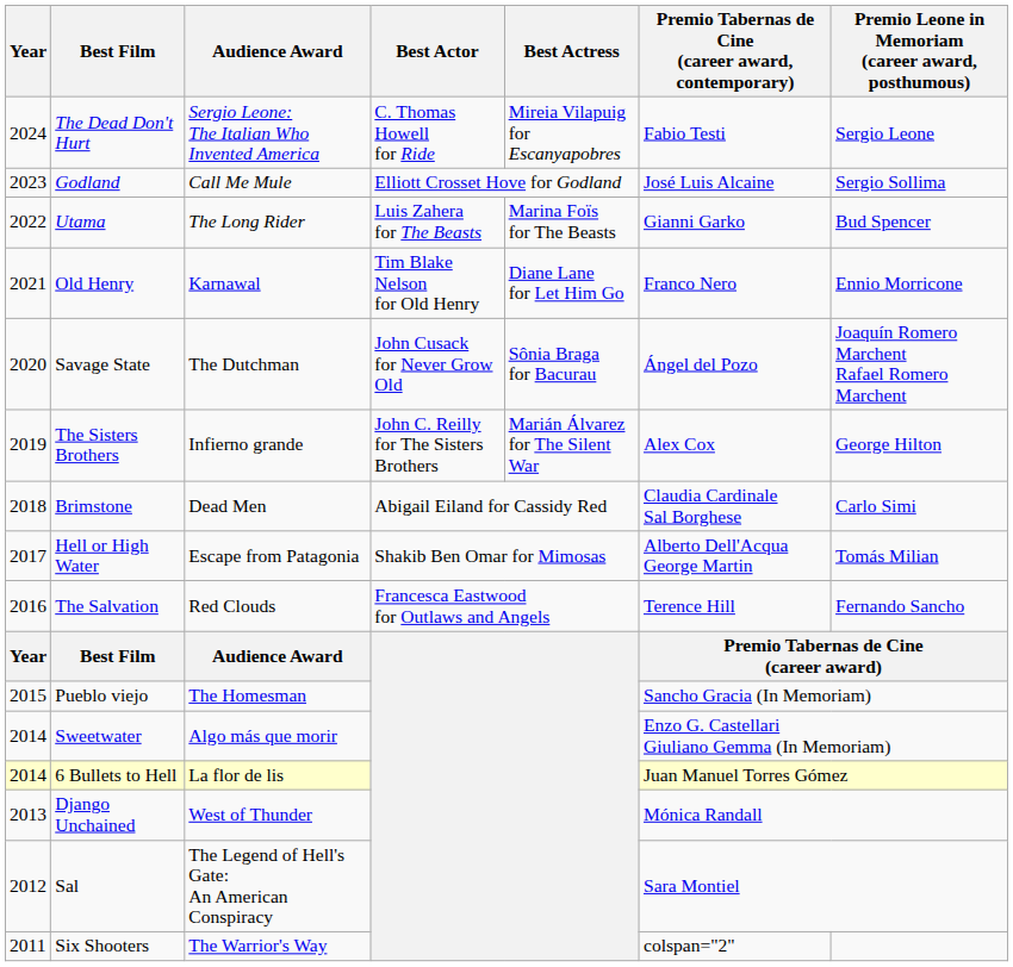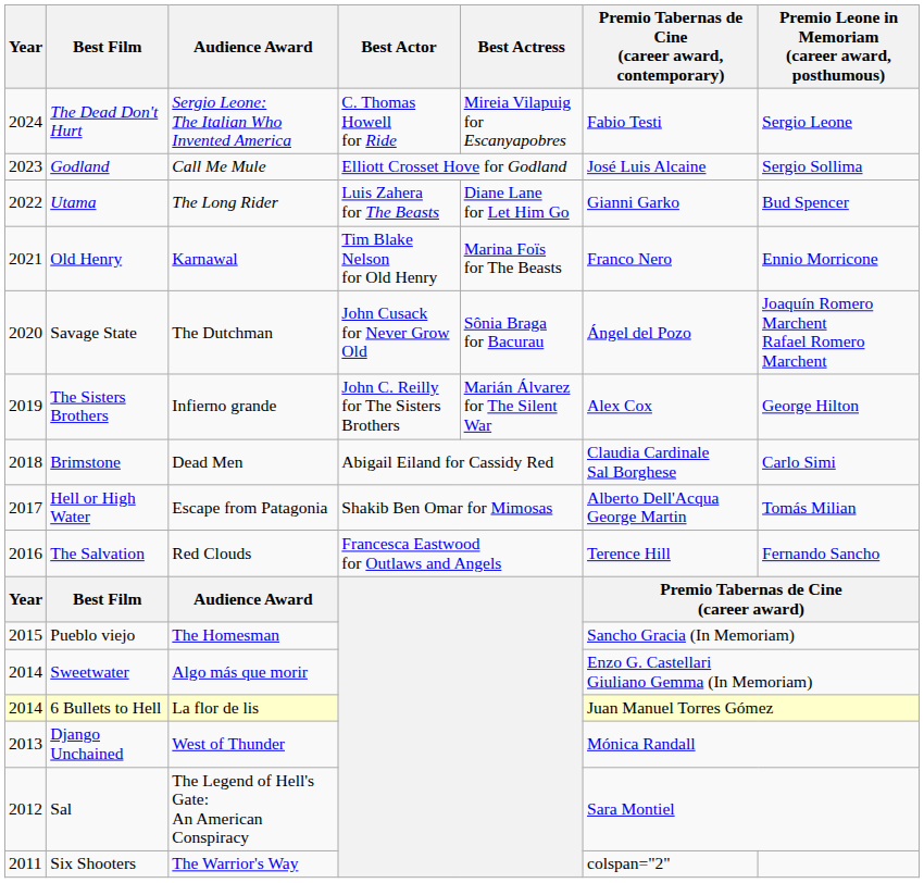 <table class="wikitable sortable">
 <tr>
 <th scope="col">Year</th>
 <th scope="col">Best Film</th>
 <th scope="col">Audience Award</th>
 <th scope="col">Best Actor</th>
 <th scope="col">Best Actress</th>
 <th scope="col">Premio Tabernas de Cine<br>(career award, contemporary)</th>
 <th scope="col">Premio Leone in Memoriam<br>(career award, posthumous)</th>
 </tr>
 <tr>
 <td>2024</td>
 <td><em><a href='#'>The Dead Don't Hurt</a></em></td>
 <td><em><a href='#'>Sergio Leone:<br>The Italian Who Invented America</a></em></td>
 <td><a href='#'>C. Thomas Howell</a><br>for <a href='#'><em>Ride</em></a></td>
 <td><a href='#'>Mireia Vilapuig</a><br>for <em>Escanyapobres</em></td>
 <td><a href='#'>Fabio Testi</a></td>
 <td><a href='#'>Sergio Leone</a></td>
 </tr>
 <tr>
 <td>2023</td>
 <td><em><a href='#'>Godland</a></em></td>
 <td><em>Call Me Mule</em></td>
 <td colspan="2"><a href='#'>Elliott Crosset Hove</a> for <em>Godland</em></td>
 <td><a href='#'>José Luis Alcaine</a></td>
 <td><a href='#'>Sergio Sollima</a></td>
 </tr>
 <tr>
 <td>2022</td>
 <td><em><a href='#'>Utama</a></em></td>
 <td><em>The Long Rider</em></td>
 <td><a href='#'>Luis Zahera</a><br>for <em><a href='#'>The Beasts</a></td>
-<td><a href='#'>Marina Foïs</a><br>for </em>The Beasts<em></td>
+<td><a href='#'>Diane Lane</a><br>for </em><a href='#'>Let Him Go</a><em></td>
 <td><a href='#'>Gianni Garko</a></td>
 <td><a href='#'>Bud Spencer</a></td>
 </tr>
 <tr>
 <td>2021</td>
 <td></em><a href='#'>Old Henry</a><em></td>
 <td></em><a href='#'>Karnawal</a><em></td>
 <td><a href='#'>Tim Blake Nelson</a><br>for </em>Old Henry<em></td>
-<td><a href='#'>Diane Lane</a><br>for </em><a href='#'>Let Him Go</a><em></td>
+<td><a href='#'>Marina Foïs</a><br>for </em>The Beasts<em></td>
 <td><a href='#'>Franco Nero</a></td>
 <td><a href='#'>Ennio Morricone</a></td>
 </tr>
 <tr>
 <td>2020</td>
 <td></em>Savage State<em></td>
 <td></em>The Dutchman<em></td>
 <td><a href='#'>John Cusack</a><br>for </em><a href='#'>Never Grow Old</a><em></td>
 <td><a href='#'>Sônia Braga</a><br>for </em><a href='#'>Bacurau</a><em></td>
 <td><a href='#'>Ángel del Pozo</a></td>
 <td><a href='#'>Joaquín Romero Marchent</a><br><a href='#'>Rafael Romero Marchent</a></td>
 </tr>
 <tr>
 <td>2019</td>
 <td></em><a href='#'>The Sisters Brothers</a><em></td>
 <td></em>Infierno grande<em></td>
 <td><a href='#'>John C. Reilly</a><br>for </em>The Sisters Brothers<em></td>
 <td><a href='#'>Marián Álvarez</a><br>for </em><a href='#'>The Silent War</a><em></td>
 <td><a href='#'>Alex Cox</a></td>
 <td><a href='#'>George Hilton</a></td>
 </tr>
 <tr>
 <td>2018</td>
 <td></em><a href='#'>Brimstone</a><em></td>
 <td></em>Dead Men<em></td>
 <td colspan="2">Abigail Eiland for </em>Cassidy Red<em></td>
 <td><a href='#'>Claudia Cardinale</a><br><a href='#'>Sal Borghese</a></td>
 <td><a href='#'>Carlo Simi</a></td>
 </tr>
 <tr>
 <td>2017</td>
 <td></em><a href='#'>Hell or High Water</a><em></td>
 <td></em>Escape from Patagonia<em></td>
 <td colspan="2">Shakib Ben Omar for </em><a href='#'>Mimosas</a><em></td>
 <td><a href='#'>Alberto Dell'Acqua</a><br><a href='#'>George Martin</a></td>
 <td><a href='#'>Tomás Milian</a></td>
 </tr>
 <tr>
 <td>2016</td>
 <td></em><a href='#'>The Salvation</a><em></td>
 <td></em>Red Clouds<em></td>
 <td colspan="2"><a href='#'>Francesca Eastwood</a><br>for </em><a href='#'>Outlaws and Angels</a><em></td>
 <td><a href='#'>Terence Hill</a></td>
 <td><a href='#'>Fernando Sancho</a></td>
 </tr>
 <tr>
 <th scope="col">Year</th>
 <th scope="col">Best Film</th>
 <th scope="col">Audience Award</th>
 <th colspan="2" rowspan="7" scope="col"></th>
 <th colspan="2" scope="col">Premio Tabernas de Cine<br>(career award)</th>
 </tr>
 <tr>
 <td>2015</td>
 <td></em>Pueblo viejo<em></td>
 <td></em><a href='#'>The Homesman</a><em></td>
 <td colspan="2"><a href='#'>Sancho Gracia</a> (In Memoriam)</td>
 </tr>
 <tr>
 <td>2014</td>
 <td></em><a href='#'>Sweetwater</a><em></td>
 <td></em><a href='#'>Algo más que morir</a><em></td>
 <td colspan="2"><a href='#'>Enzo G. Castellari</a><br><a href='#'>Giuliano Gemma</a> (In Memoriam)</td>
 </tr>
 <tr bgcolor="#FFFFCC">
 <td>2014</td>
 <td></em>6 Bullets to Hell<em></td>
 <td></em>La flor de lis<em></td>
 <td colspan="2">Juan Manuel Torres Gómez</td>
 </tr>
 <tr>
 <td>2013</td>
 <td></em><a href='#'>Django Unchained</a><em></td>
 <td></em><a href='#'>West of Thunder</a><em></td>
 <td colspan="2"><a href='#'>Mónica Randall</a></td>
 </tr>
 <tr>
 <td>2012</td>
 <td></em>Sal<em></td>
 <td></em>The Legend of Hell's Gate:<br>An American Conspiracy<em></td>
 <td colspan="2"><a href='#'>Sara Montiel</a></td>
 </tr>
 <tr>
 <td>2011</td>
 <td></em>Six Shooters<em></td>
 <td></em><a href='#'>The Warrior's Way</a><em></td>
 <td>colspan="2" </td>
 </tr>
 </table>
